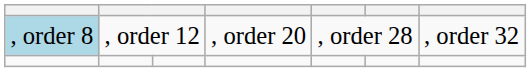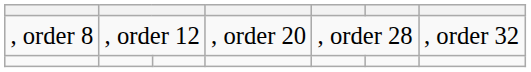 <table class=wikitable>
 <tr>
 <th></th>
 <th colspan=2></th>
 <th></th>
 <th></th>
 <th></th>
 <th></th>
 </tr>
 <tr align=center>
-<td style="background: lightblue;">, order 8</td>
+<td>, order 8</td>
 <td colspan=2>, order 12</td>
 <td>, order 20</td>
 <td colspan=2>, order 28</td>
 <td>, order 32</td>
 </tr>
 <tr>
 <td></td>
 <td></td>
 <td></td>
 <td></td>
 <td></td>
 <td></td>
 <td></td>
 </tr>
 </table>
